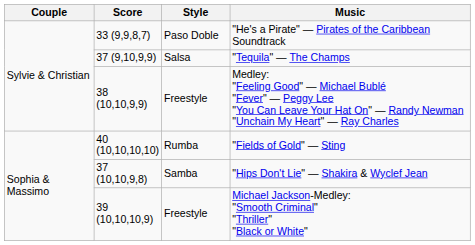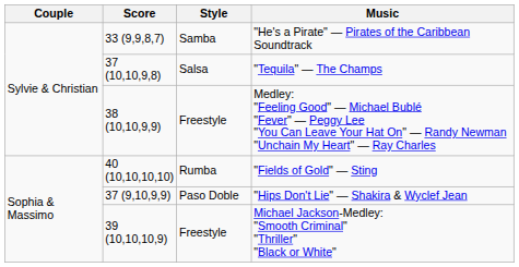 <table class="wikitable" style="width:80%;">
 <tr>
 <th style="width:20%;">Couple</th>
 <th style="width:10%;">Score</th>
 <th style="width:15%;">Style</th>
 <th style="width:60%;">Music</th>
 </tr>
 <tr>
 <td rowspan=3>Sylvie & Christian</td>
 <td>33 (9,9,8,7)</td>
-<td>Paso Doble</td>
+<td>Samba</td>
 <td>"He's a Pirate" — <a href='#'>Pirates of the Caribbean</a> Soundtrack</td>
 </tr>
 <tr>
-<td>37 (9,10,9,9)</td>
+<td>37 (10,10,9,8)</td>
 <td>Salsa</td>
 <td>"<a href='#'>Tequila</a>" — <a href='#'>The Champs</a></td>
 </tr>
 <tr>
 <td>38 (10,10,9,9)</td>
 <td>Freestyle</td>
 <td>Medley:<br>"<a href='#'>Feeling Good</a>" — <a href='#'>Michael Bublé</a><br>"<a href='#'>Fever</a>" — <a href='#'>Peggy Lee</a><br>"<a href='#'>You Can Leave Your Hat On</a>" — <a href='#'>Randy Newman</a><br>"<a href='#'>Unchain My Heart</a>" — <a href='#'>Ray Charles</a></td>
 </tr>
 <tr>
 <td rowspan=3>Sophia & Massimo</td>
 <td>40 (10,10,10,10)</td>
 <td>Rumba</td>
 <td>"<a href='#'>Fields of Gold</a>" — <a href='#'>Sting</a></td>
 </tr>
 <tr>
-<td>37 (10,10,9,8)</td>
-<td>Samba</td>
+<td>37 (9,10,9,9)</td>
+<td>Paso Doble</td>
 <td>"<a href='#'>Hips Don't Lie</a>" — <a href='#'>Shakira</a> & <a href='#'>Wyclef Jean</a></td>
 </tr>
 <tr>
 <td>39 (10,10,10,9)</td>
 <td>Freestyle</td>
 <td><a href='#'>Michael Jackson</a>-Medley:<br>"<a href='#'>Smooth Criminal</a>"<br>"<a href='#'>Thriller</a>"<br>"<a href='#'>Black or White</a>"</td>
 </tr>
 </table>
